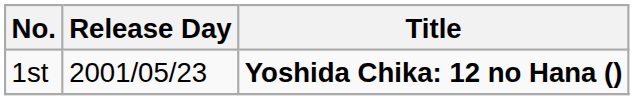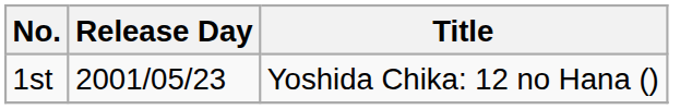 <table class=wikitable style="font-size:small">
 <tr>
 <th>No.</th>
 <th>Release Day</th>
 <th>Title</th>
 </tr>
 <tr>
 <td>1st</td>
 <td>2001/05/23</td>
-<td><strong>Yoshida Chika: 12 no Hana ()</strong></td>
+<td>Yoshida Chika: 12 no Hana ()</td>
 </tr>
 <tr>
 </tr>
 </table>
